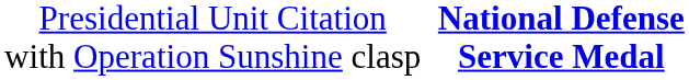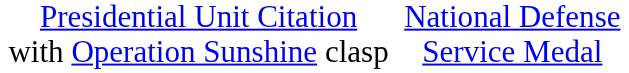 <table style="margin:1em auto; text-align:center;">
 <tr>
 <td></td>
 <td></td>
 <td></td>
 </tr>
 <tr>
 <td><a href='#'>Presidential Unit Citation</a><br>with <a href='#'>Operation Sunshine</a> clasp</td>
 <td></td>
-<td><strong><a href='#'>National Defense<br>Service Medal</a></strong></td>
+<td><a href='#'>National Defense<br>Service Medal</a></td>
 </tr>
 </table>
